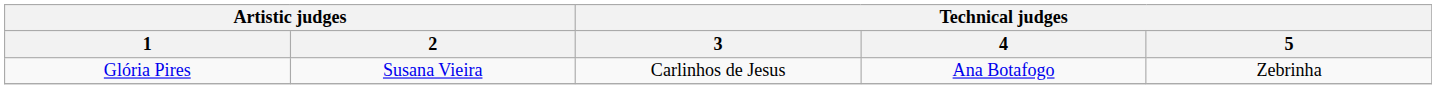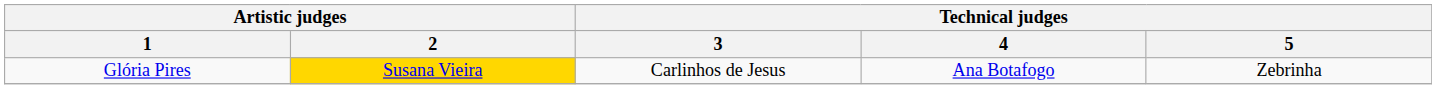 <table class="wikitable" style="font-size:100%; line-height:16px; text-align:center" width="100%">
 <tr>
 <th colspan=2>Artistic judges</th>
 <th colspan=3>Technical judges</th>
 </tr>
 <tr>
 <th width="20.0%">1</th>
 <th width="20.0%">2</th>
 <th width="20.0%">3</th>
 <th width="20.0%">4</th>
 <th width="20.0%">5</th>
 </tr>
 <tr>
 <td><a href='#'>Glória Pires</a></td>
-<td><a href='#'>Susana Vieira</a></td>
+<td style="background: gold;"><a href='#'>Susana Vieira</a></td>
 <td>Carlinhos de Jesus</td>
 <td><a href='#'>Ana Botafogo</a></td>
 <td>Zebrinha</td>
 </tr>
 <tr>
 </tr>
 </table>
